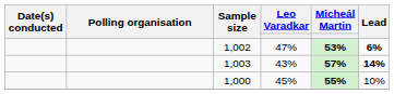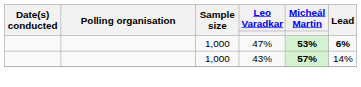 <table class="wikitable sortable collapsible" style="text-align:center;font-size:95%;">
 <tr>
 <th style="width:80px;" rowspan="2">Date(s)<br>conducted</th>
 <th style="width:200px;" rowspan="2">Polling organisation</th>
 <th style="width:60px;" rowspan="2">Sample size</th>
 <th style="width:60px;" class="unsortable"><a href='#'>Leo Varadkar</a></th>
 <th style="width:60px;" class="unsortable"><a href='#'>Micheál Martin</a></th>
 <th class="unsortable" style="width:20px;" rowspan="2">Lead</th>
 </tr>
 <tr>
 <th class="unsortable" style="color:inherit;background:"></th>
 <th class="unsortable" style="color:inherit;background:"></th>
 </tr>
 <tr>
 <td></td>
 <td></td>
-<td>1,002</td>
+<td>1,000</td>
 <td>47%</td>
 <td style="background:#D3F2D0"><strong>53%</strong></td>
 <td style="background:"><strong>6%</strong></td>
 </tr>
 <tr>
 <td></td>
 <td></td>
-<td>1,003</td>
+<td>1,000</td>
 <td>43%</td>
 <td style="background:#D3F2D0"><strong>57%</strong></td>
-<td style="background:"><strong>14%</strong></td>
-</tr>
-<tr>
-<td></td>
-<td></td>
-<td>1,000</td>
-<td>45%</td>
-<td style="background:#D3F2D0"><strong>55%</strong></td>
-<td style="background:">10%</td>
+<td style="background:">14%</td>
 </tr>
 <tr>
 </tr>
 </table>
